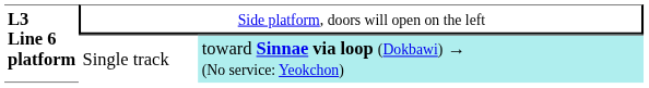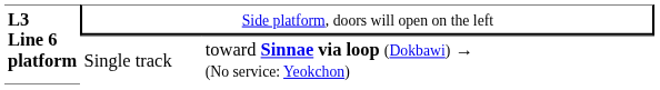 <table table border=0 cellspacing=0 cellpadding=3>
 <tr>
 <td style="border-top:solid 1px gray;border-bottom:solid 1px gray;" width=50 rowspan=10 valign=top><strong>L3<br>Line 6 platform</strong></td>
 <td style="border-top:solid 1px gray;border-right:solid 2px black;border-left:solid 2px black;border-bottom:solid 2px black;text-align:center;" colspan=2><small><a href='#'>Side platform</a>, doors will open on the left </small></td>
 </tr>
 <tr>
 <td style="border-bottom:solid 0px gray;border-top:solid 1px gray;" width=100>Single track</td>
-<td style="background: paleturquoise; border-bottom:solid 0px gray;border-top:solid 1px gray;" width=390> toward <strong><a href='#'>Sinnae</a> via loop</strong> <small>(<a href='#'>Dokbawi</a>)</small> →<br><small>(No service: <a href='#'>Yeokchon</a>)</small></td>
+<td style="border-bottom:solid 0px gray;border-top:solid 1px gray;" width=390> toward <strong><a href='#'>Sinnae</a> via loop</strong> <small>(<a href='#'>Dokbawi</a>)</small> →<br><small>(No service: <a href='#'>Yeokchon</a>)</small></td>
 </tr>
 </table>
